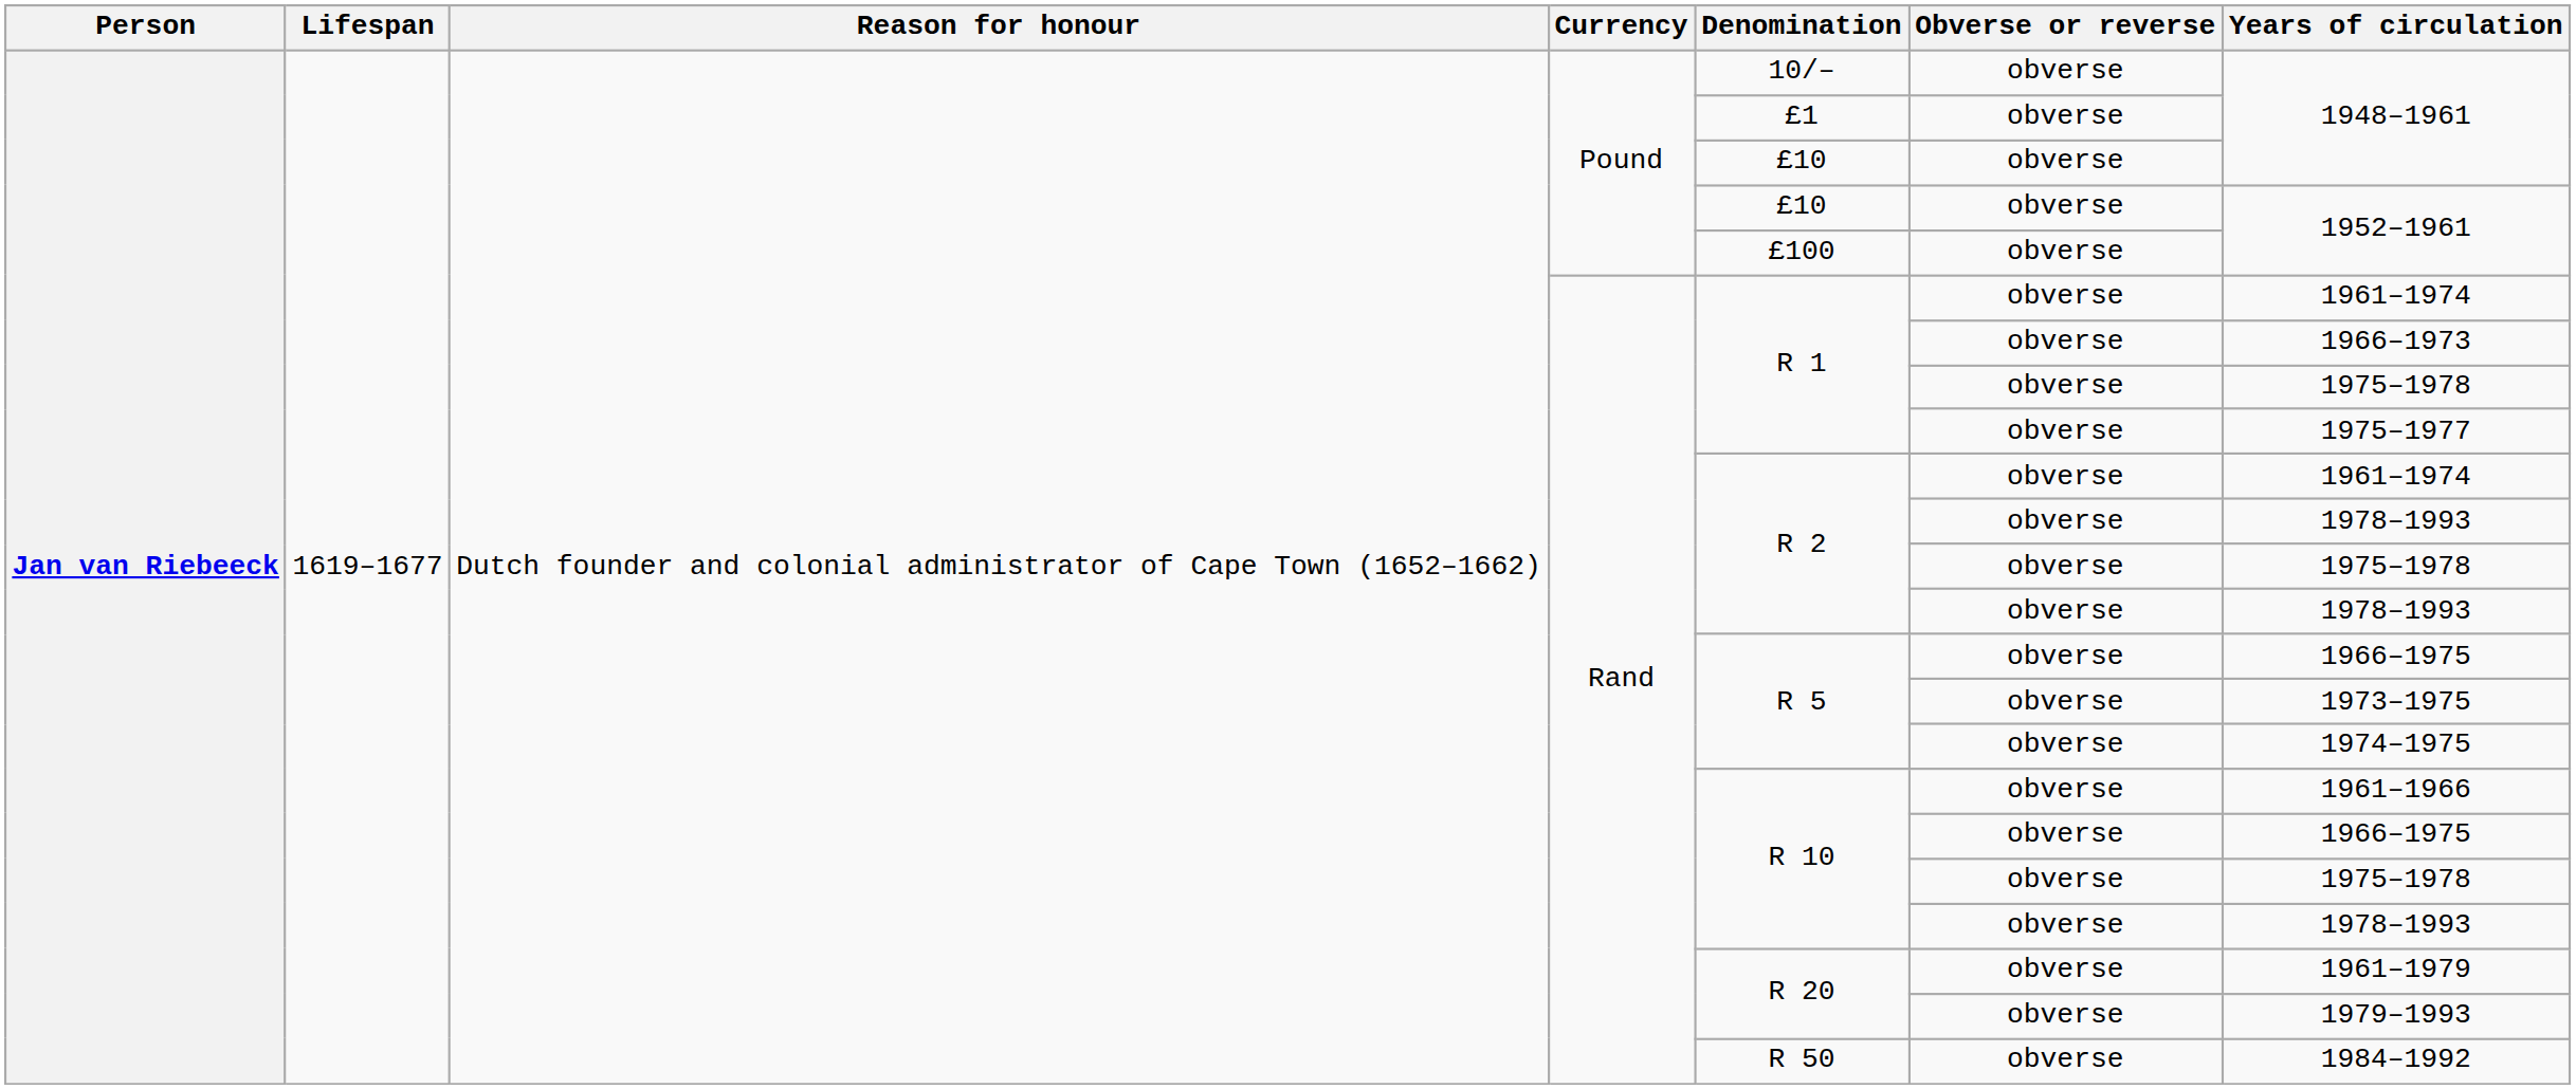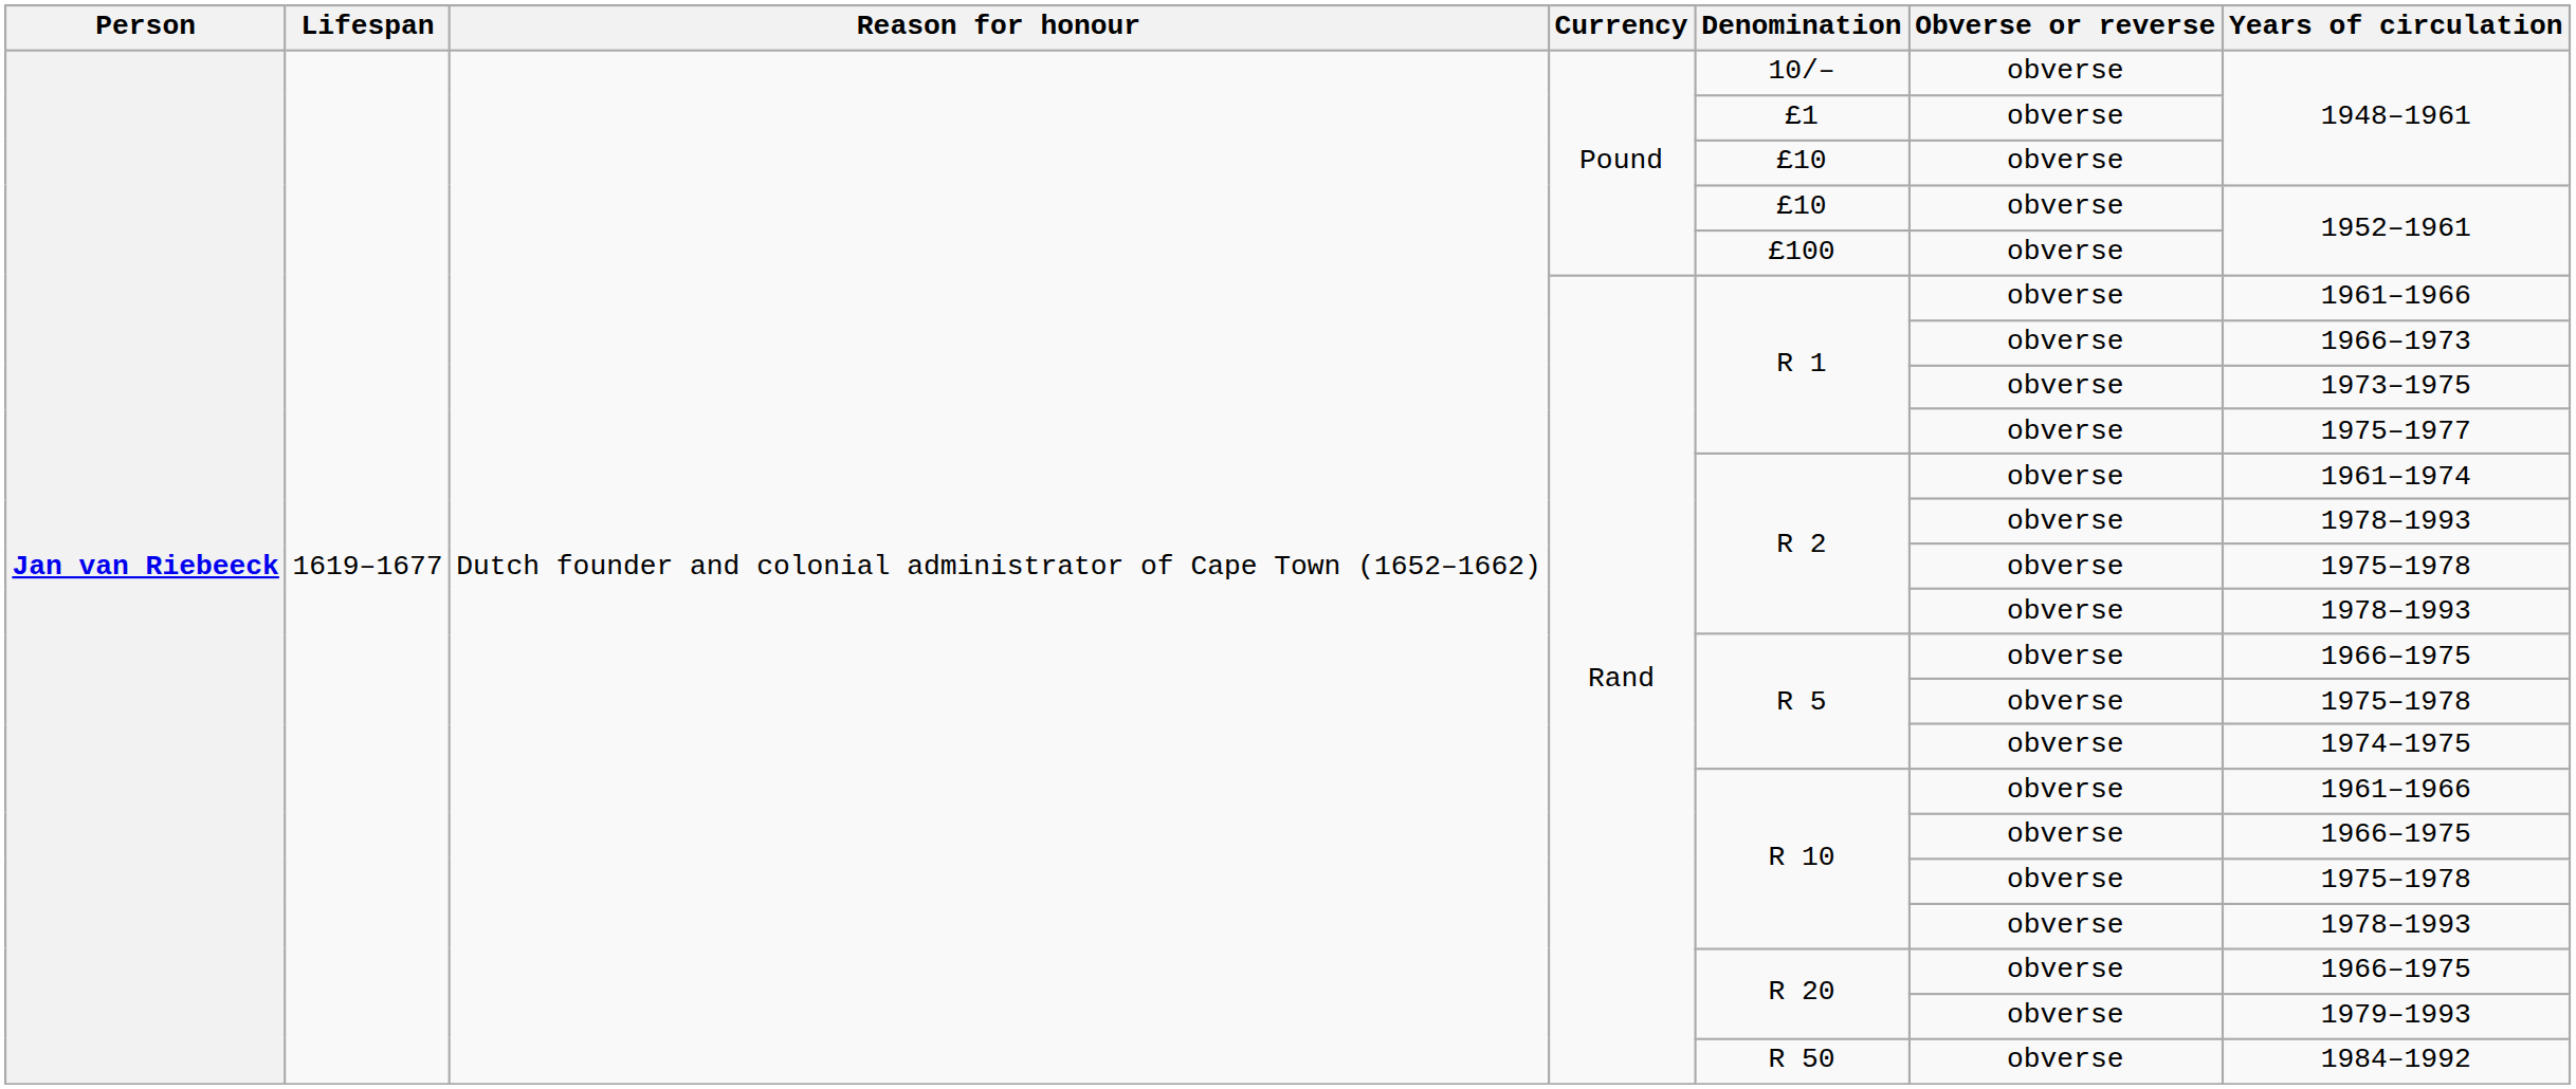 <table class="wikitable" style="font-size:95%; text-align:center;">
 <tr>
 <th>Person</th>
 <th>Lifespan</th>
 <th>Reason for honour</th>
 <th>Currency</th>
 <th>Denomination</th>
 <th>Obverse or reverse</th>
 <th>Years of circulation</th>
 </tr>
 <tr>
 <th rowspan="23"><a href='#'>Jan van Riebeeck</a></th>
 <td rowspan="23">1619–1677</td>
 <td rowspan="23">Dutch founder and colonial administrator of Cape Town (1652–1662)</td>
 <td rowspan="5">Pound</td>
 <td>10/–</td>
 <td>obverse</td>
 <td rowspan="3">1948–1961</td>
 </tr>
 <tr>
 <td>£1</td>
 <td>obverse</td>
 </tr>
 <tr>
 <td>£10</td>
 <td>obverse</td>
 </tr>
 <tr>
 <td>£10</td>
 <td>obverse</td>
 <td rowspan="2">1952–1961</td>
 </tr>
 <tr>
 <td>£100</td>
 <td>obverse</td>
 </tr>
 <tr>
 <td rowspan="18">Rand</td>
 <td rowspan="4">R 1</td>
 <td>obverse</td>
-<td>1961–1974</td>
+<td>1961–1966</td>
 </tr>
 <tr>
 <td>obverse</td>
 <td>1966–1973</td>
 </tr>
 <tr>
 <td>obverse</td>
-<td>1975–1978</td>
+<td>1973–1975</td>
 </tr>
 <tr>
 <td>obverse</td>
 <td>1975–1977</td>
 </tr>
 <tr>
 <td rowspan="4">R 2</td>
 <td>obverse</td>
 <td>1961–1974</td>
 </tr>
 <tr>
 <td>obverse</td>
 <td>1978–1993</td>
 </tr>
 <tr>
 <td>obverse</td>
 <td>1975–1978</td>
 </tr>
 <tr>
 <td>obverse</td>
 <td>1978–1993</td>
 </tr>
 <tr>
 <td rowspan="3">R 5</td>
 <td>obverse</td>
 <td>1966–1975</td>
 </tr>
 <tr>
 <td>obverse</td>
-<td>1973–1975</td>
+<td>1975–1978</td>
 </tr>
 <tr>
 <td>obverse</td>
 <td>1974–1975</td>
 </tr>
 <tr>
 <td rowspan="4">R 10</td>
 <td>obverse</td>
 <td>1961–1966</td>
 </tr>
 <tr>
 <td>obverse</td>
 <td>1966–1975</td>
 </tr>
 <tr>
 <td>obverse</td>
 <td>1975–1978</td>
 </tr>
 <tr>
 <td>obverse</td>
 <td>1978–1993</td>
 </tr>
 <tr>
 <td rowspan="2">R 20</td>
 <td>obverse</td>
-<td>1961–1979</td>
+<td>1966–1975</td>
 </tr>
 <tr>
 <td>obverse</td>
 <td>1979–1993</td>
 </tr>
 <tr>
 <td>R 50</td>
 <td>obverse</td>
 <td>1984–1992</td>
 </tr>
 </table>
